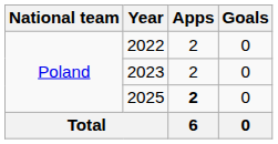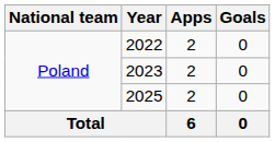 <table class="wikitable" style="text-align:center">
 <tr>
 <th>National team</th>
 <th>Year</th>
 <th>Apps</th>
 <th>Goals</th>
 </tr>
 <tr>
 <td rowspan="3"><a href='#'>Poland</a></td>
 <td>2022</td>
 <td>2</td>
 <td>0</td>
 </tr>
 <tr>
 <td>2023</td>
 <td>2</td>
 <td>0</td>
 </tr>
 <tr>
 <td>2025</td>
-<td><strong>2</strong></td>
+<td>2</td>
 <td>0</td>
 </tr>
 <tr>
 <th colspan="2">Total</th>
 <th>6</th>
 <th>0</th>
 </tr>
 </table>
